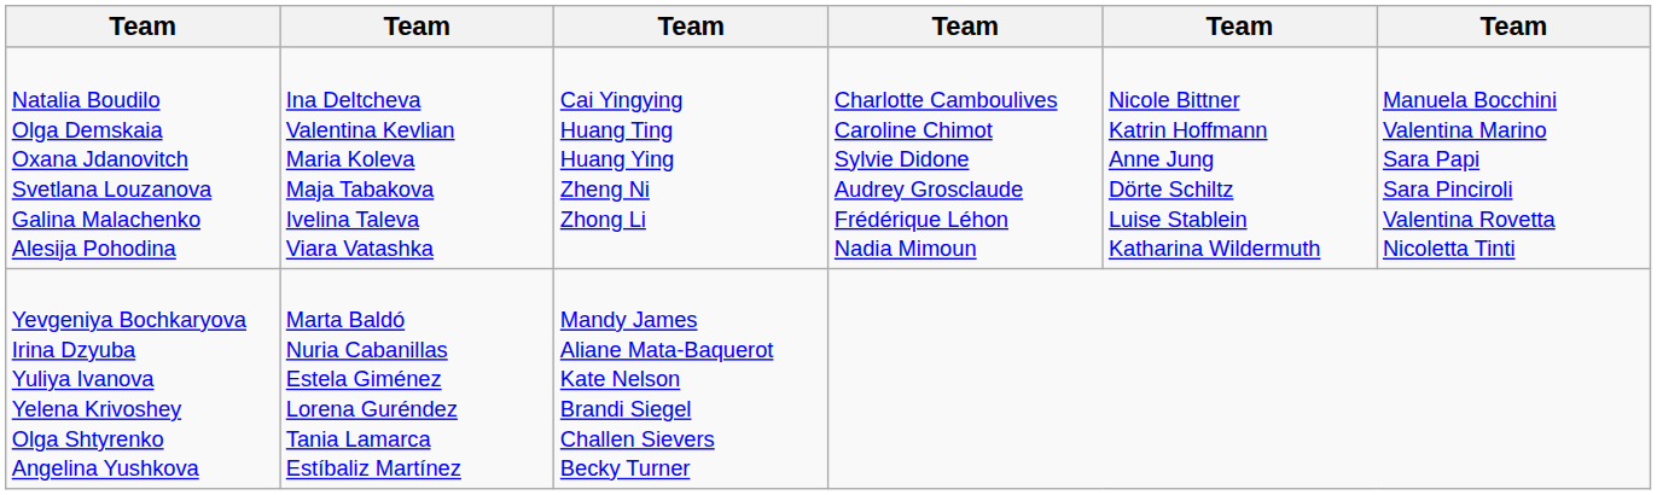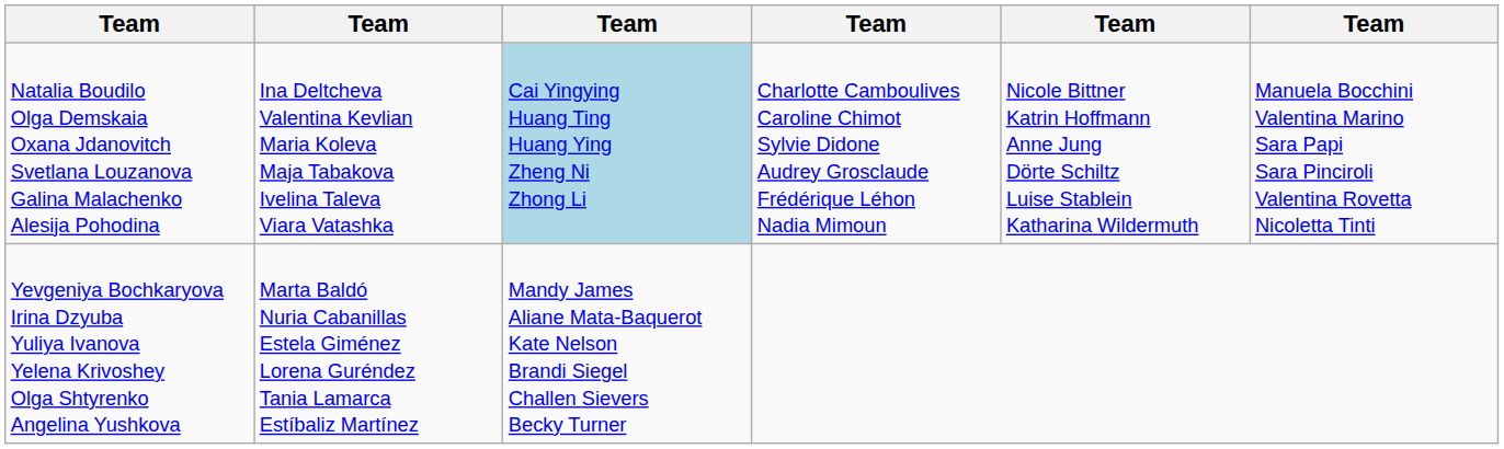 <table class="wikitable" style="text-align:left;">
 <tr>
 <th scope="col" style="width:15%;">Team</th>
 <th scope="col" style="width:15%;">Team</th>
 <th scope="col" style="width:15%;">Team</th>
 <th scope="col" style="width:15%;">Team</th>
 <th scope="col" style="width:15%;">Team</th>
 <th scope="col" style="width:15%;">Team</th>
 </tr>
 <tr>
 <td><strong></strong><br><small><a href='#'>Natalia Boudilo</a><br><a href='#'>Olga Demskaia</a><br><a href='#'>Oxana Jdanovitch</a><br><a href='#'>Svetlana Louzanova</a><br><a href='#'>Galina Malachenko</a><br><a href='#'>Alesija Pohodina</a></small></td>
 <td><strong></strong><br><small><a href='#'>Ina Deltcheva</a><br><a href='#'>Valentina Kevlian</a><br><a href='#'>Maria Koleva</a><br><a href='#'>Maja Tabakova</a><br><a href='#'>Ivelina Taleva</a><br><a href='#'>Viara Vatashka</a></small></td>
-<td valign="top"><strong></strong><br><small><a href='#'>Cai Yingying</a><br><a href='#'>Huang Ting</a><br><a href='#'>Huang Ying</a><br><a href='#'>Zheng Ni</a><br><a href='#'>Zhong Li</a></small></td>
+<td valign="top" style="background: lightblue;"><strong></strong><br><small><a href='#'>Cai Yingying</a><br><a href='#'>Huang Ting</a><br><a href='#'>Huang Ying</a><br><a href='#'>Zheng Ni</a><br><a href='#'>Zhong Li</a></small></td>
 <td><strong></strong><br><small><a href='#'>Charlotte Camboulives</a><br><a href='#'>Caroline Chimot</a><br><a href='#'>Sylvie Didone</a><br><a href='#'>Audrey Grosclaude</a><br><a href='#'>Frédérique Léhon</a><br><a href='#'>Nadia Mimoun</a></small></td>
 <td><strong></strong><br><small><a href='#'>Nicole Bittner</a><br><a href='#'>Katrin Hoffmann</a><br><a href='#'>Anne Jung</a><br><a href='#'>Dörte Schiltz</a><br><a href='#'>Luise Stablein</a><br><a href='#'>Katharina Wildermuth</a></small></td>
 <td><strong></strong><br><small><a href='#'>Manuela Bocchini</a><br><a href='#'>Valentina Marino</a><br><a href='#'>Sara Papi</a><br><a href='#'>Sara Pinciroli</a><br><a href='#'>Valentina Rovetta</a><br><a href='#'>Nicoletta Tinti</a></small></td>
 </tr>
 <tr>
 <td><strong></strong><br><small><a href='#'>Yevgeniya Bochkaryova</a><br><a href='#'>Irina Dzyuba</a><br><a href='#'>Yuliya Ivanova</a><br><a href='#'>Yelena Krivoshey</a><br><a href='#'>Olga Shtyrenko</a><br><a href='#'>Angelina Yushkova</a></small></td>
 <td><strong></strong><br><small><a href='#'>Marta Baldó</a><br><a href='#'>Nuria Cabanillas</a><br><a href='#'>Estela Giménez</a><br><a href='#'>Lorena Guréndez</a><br><a href='#'>Tania Lamarca</a><br><a href='#'>Estíbaliz Martínez</a></small></td>
 <td><strong></strong><br><small><a href='#'>Mandy James</a><br><a href='#'>Aliane Mata-Baquerot</a><br><a href='#'>Kate Nelson</a><br><a href='#'>Brandi Siegel</a><br><a href='#'>Challen Sievers</a><br><a href='#'>Becky Turner</a></small></td>
 </tr>
 </table>
